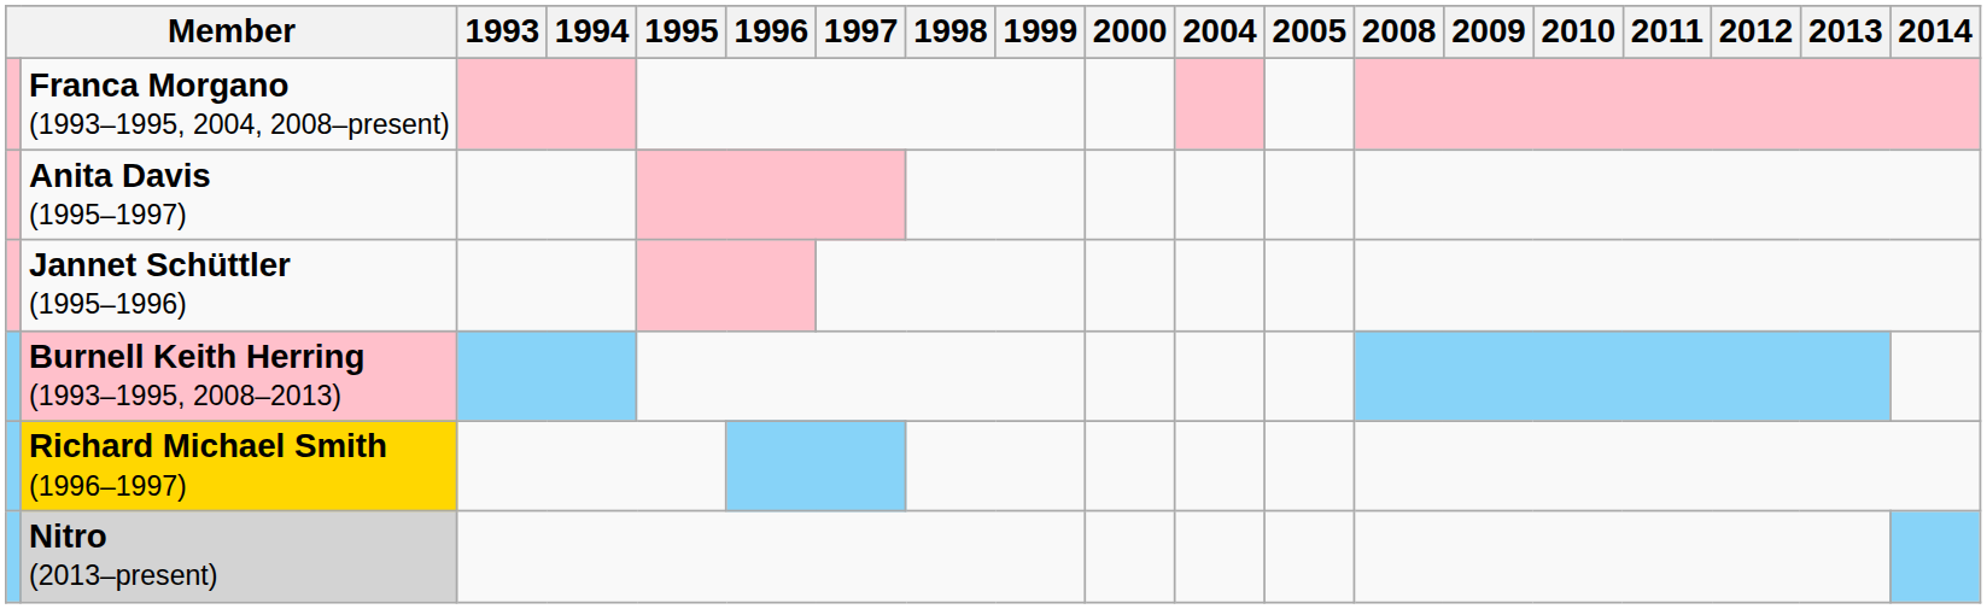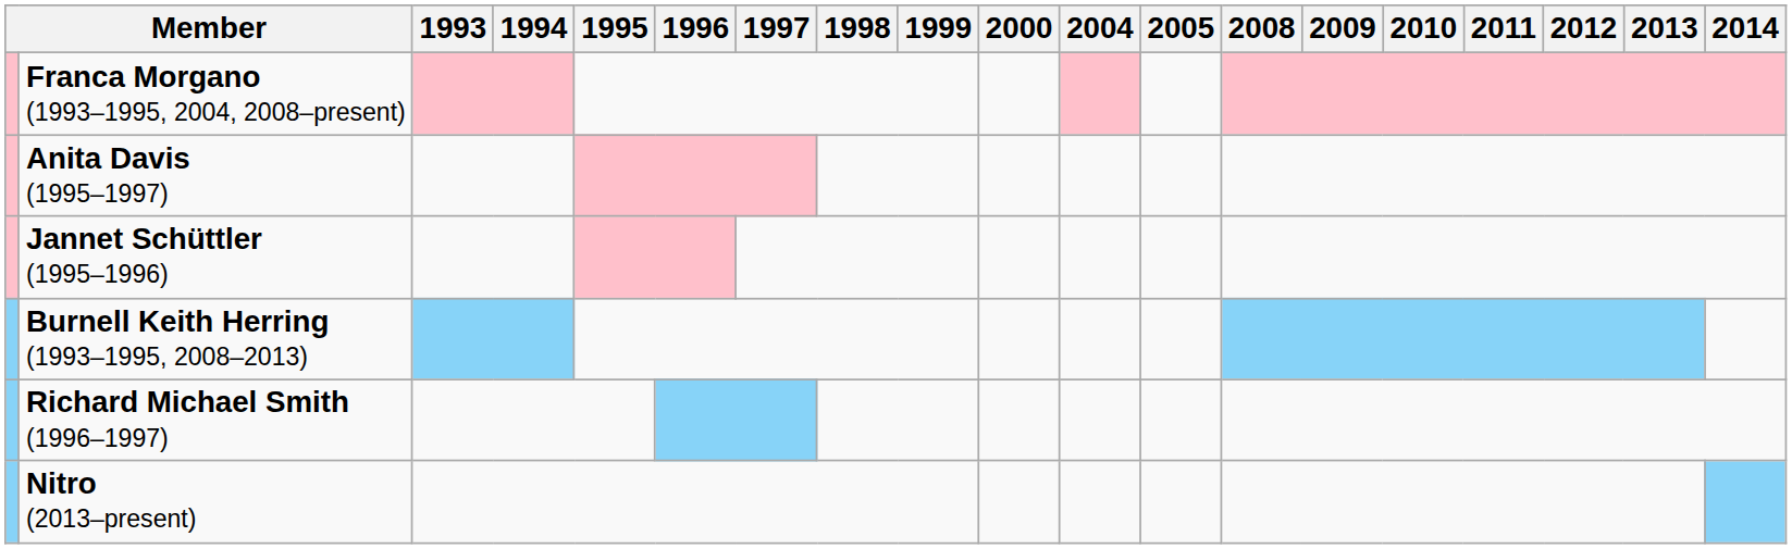 <table class="wikitable">
 <tr>
 <th colspan="2">Member</th>
 <th>1993</th>
 <th>1994</th>
 <th>1995</th>
 <th>1996</th>
 <th>1997</th>
 <th>1998</th>
 <th>1999</th>
 <th>2000</th>
 <th>2004</th>
 <th>2005</th>
 <th>2008</th>
 <th>2009</th>
 <th>2010</th>
 <th>2011</th>
 <th>2012</th>
 <th>2013</th>
 <th>2014</th>
 </tr>
 <tr>
 <td style="background:pink"></td>
 <td><strong>Franca Morgano</strong><br><small>(1993–1995, 2004, 2008–present)</small></td>
 <td colspan="2" style="text-align:center; background:pink;"></td>
 <td colspan="5"></td>
 <td colspan="1"></td>
 <td colspan="1" style="text-align:center; background:pink;"></td>
 <td colspan="1"></td>
 <td colspan="7" style="text-align:center; background:pink;"></td>
 </tr>
 <tr>
 <td style="background:pink"></td>
 <td><strong>Anita Davis</strong><br><small>(1995–1997)</small></td>
 <td colspan="2"></td>
 <td colspan="3" style="text-align:center; background:pink;"></td>
 <td colspan="2"></td>
 <td colspan="1"></td>
 <td colspan="1"></td>
 <td colspan="1"></td>
 <td colspan="7"></td>
 </tr>
 <tr>
 <td style="background:pink;"></td>
 <td><strong>Jannet Schüttler</strong><br><small>(1995–1996)</small></td>
 <td colspan="2"></td>
 <td colspan="2" style="text-align:center; background:pink;"></td>
 <td colspan="3"></td>
 <td colspan="1"></td>
 <td colspan="1"></td>
 <td colspan="1"></td>
 <td colspan="7"></td>
 </tr>
 <tr>
 <td style="background:#87D3F8;"></td>
-<td style="background: pink;"><strong>Burnell Keith Herring</strong><br><small>(1993–1995, 2008–2013)</small></td>
+<td><strong>Burnell Keith Herring</strong><br><small>(1993–1995, 2008–2013)</small></td>
 <td colspan="2" style="text-align:center; background:#87D3F8;"></td>
 <td colspan="5"></td>
 <td colspan="1"></td>
 <td colspan="1"></td>
 <td colspan="1"></td>
 <td colspan="6" style="text-align:center; background:#87D3F8;"></td>
 <td colspan="1"></td>
 </tr>
 <tr>
 <td style="background:#87D3F8;"></td>
-<td style="background: gold;"><strong>Richard Michael Smith</strong><br><small>(1996–1997)</small></td>
+<td><strong>Richard Michael Smith</strong><br><small>(1996–1997)</small></td>
 <td colspan="3"></td>
 <td colspan="2" style="text-align:center; background:#87D3F8;"></td>
 <td colspan="2"></td>
 <td colspan="1"></td>
 <td colspan="1"></td>
 <td colspan="1"></td>
 <td colspan="7"></td>
 </tr>
 <tr>
 <td style="background:#87D3F8;"></td>
-<td style="background: lightgrey;"><strong>Nitro</strong><br><small>(2013–present)</small></td>
+<td><strong>Nitro</strong><br><small>(2013–present)</small></td>
 <td colspan="7"></td>
 <td colspan="1"></td>
 <td colspan="1"></td>
 <td colspan="1"></td>
 <td colspan="6"></td>
 <td colspan="1" style="text-align:center; background:#87D3F8;"></td>
 </tr>
 </table>
